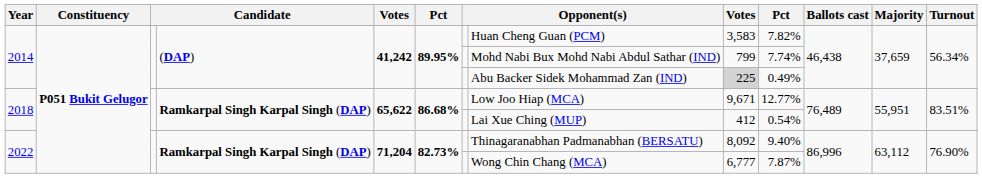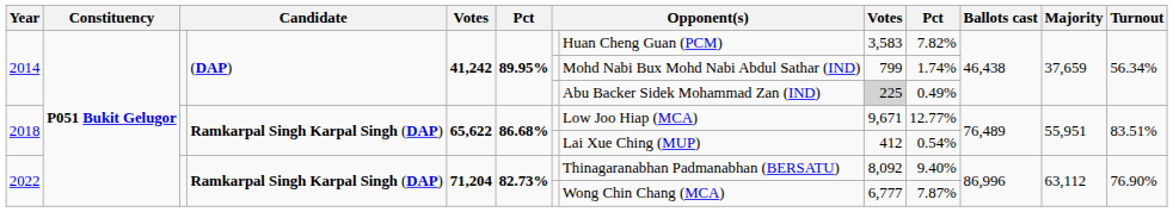 <table class="wikitable" style="margin:0.5em ; font-size:95%">
 <tr>
 <th>Year</th>
 <th>Constituency</th>
 <th colspan=2>Candidate</th>
 <th>Votes</th>
 <th>Pct</th>
 <th colspan=2>Opponent(s)</th>
 <th>Votes</th>
 <th>Pct</th>
 <th>Ballots cast</th>
 <th>Majority</th>
 <th>Turnout</th>
 </tr>
 <tr>
 <td rowspan="3"><a href='#'>2014</a></td>
 <td rowspan=8><strong>P051 <a href='#'>Bukit Gelugor</a></strong></td>
 <td rowspan="3" ></td>
 <td rowspan="3"> (<strong><a href='#'>DAP</a></strong>)</td>
 <td rowspan="3" align="right"><strong>41,242</strong></td>
 <td rowspan="3"><strong>89.95%</strong></td>
 <td></td>
 <td>Huan Cheng Guan (<a href='#'>PCM</a>)</td>
 <td align="right">3,583</td>
 <td align="right">7.82%</td>
 <td rowspan="3">46,438</td>
 <td rowspan="3">37,659</td>
 <td rowspan="3">56.34%</td>
 </tr>
 <tr>
 <td></td>
 <td>Mohd Nabi Bux Mohd Nabi Abdul Sathar (<a href='#'>IND</a>)</td>
 <td align="right">799</td>
-<td align="right">7.74%</td>
+<td align="right">1.74%</td>
 </tr>
 <tr>
 <td></td>
 <td>Abu Backer Sidek Mohammad Zan (<a href='#'>IND</a>)</td>
 <td align="right" style="background: lightgrey;">225</td>
 <td align="right">0.49%</td>
 </tr>
 <tr>
 <td rowspan=2><a href='#'>2018</a></td>
 <td rowspan=2 ></td>
 <td rowspan=2><strong>Ramkarpal Singh Karpal Singh</strong> (<strong><a href='#'>DAP</a></strong>)</td>
 <td rowspan=2 align="right"><strong>65,622</strong></td>
 <td rowspan=2><strong>86.68%</strong></td>
 <td></td>
 <td>Low Joo Hiap (<a href='#'>MCA</a>)</td>
 <td align="right">9,671</td>
 <td>12.77%</td>
 <td rowspan=2>76,489</td>
 <td rowspan=2>55,951</td>
 <td rowspan=2>83.51%</td>
 </tr>
 <tr>
 <td bgcolor=></td>
 <td>Lai Xue Ching (<a href='#'>MUP</a>)</td>
 <td align="right">412</td>
 <td align="right">0.54%</td>
 </tr>
 <tr>
 <td rowspan=2><a href='#'>2022</a></td>
 <td rowspan=2 ></td>
 <td rowspan=2><strong>Ramkarpal Singh Karpal Singh</strong>  (<a href='#'><strong>DAP</strong></a>)</td>
 <td rowspan=2 align="right"><strong>71,204</strong></td>
 <td rowspan=2><strong>82.73%</strong></td>
 <td bgcolor=></td>
 <td>Thinagaranabhan Padmanabhan (<a href='#'>BERSATU</a>)</td>
 <td align="right">8,092</td>
 <td align="right">9.40%</td>
 <td rowspan=2>86,996</td>
 <td rowspan=2>63,112</td>
 <td rowspan=2>76.90%</td>
 </tr>
 <tr>
 <td></td>
 <td>Wong Chin Chang (<a href='#'>MCA</a>)</td>
 <td align="right">6,777</td>
 <td align="right">7.87%</td>
 </tr>
 </table>
